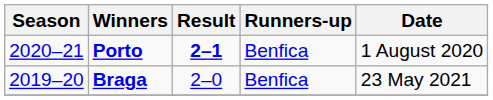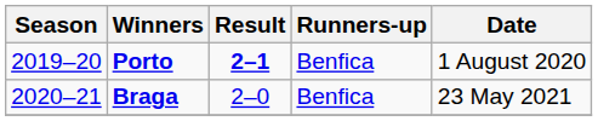 <table class="wikitable" style="font-size:90%">
 <tr>
 <th>Season</th>
 <th>Winners</th>
 <th>Result</th>
 <th>Runners-up</th>
 <th>Date</th>
 </tr>
 <tr>
-<td><a href='#'>2020–21</a></td>
+<td><a href='#'>2019–20</a></td>
 <td><strong><a href='#'>Porto</a></strong></td>
 <td align=center><strong><a href='#'>2–1</a></strong></td>
 <td><a href='#'>Benfica</a></td>
 <td>1 August 2020</td>
 </tr>
 <tr>
-<td><a href='#'>2019–20</a></td>
+<td><a href='#'>2020–21</a></td>
 <td><strong><a href='#'>Braga</a></strong></td>
 <td align=center><a href='#'>2–0</a></td>
 <td><a href='#'>Benfica</a></td>
 <td>23 May 2021</td>
 </tr>
 <tr>
 </tr>
 </table>
